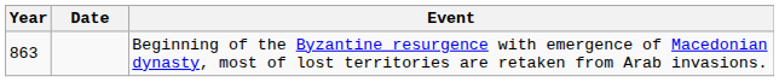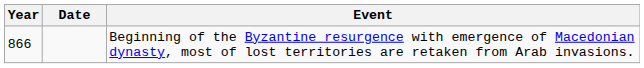 <table class="wikitable" width="100%">
 <tr>
 <th style="width:6%">Year</th>
 <th style="width:10%">Date</th>
 <th>Event</th>
 </tr>
 <tr>
-<td>863</td>
+<td>866</td>
 <td></td>
 <td>Beginning of the <a href='#'>Byzantine resurgence</a> with emergence of <a href='#'>Macedonian dynasty</a>, most of lost territories are retaken from Arab invasions.</td>
 </tr>
 </table>
